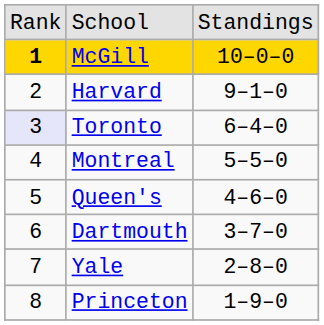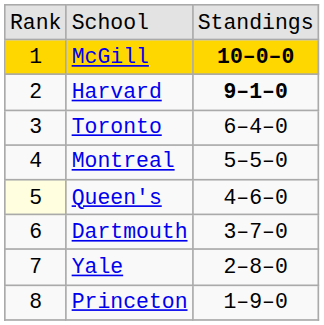 <table class="wikitable">
 <tr>
 <td style="background: #e3e3e3;">Rank</td>
 <td style="background: #e3e3e3;">School</td>
 <td style="background: #e3e3e3;">Standings</td>
 </tr>
 <tr bgcolor=gold>
-<td align=center><strong>1</strong></td>
+<td align=center>1</td>
 <td><a href='#'>McGill</a></td>
-<td align=center>10–0–0</td>
+<td align=center><strong>10–0–0</strong></td>
 </tr>
 <tr>
 <td align=center>2</td>
 <td><a href='#'>Harvard</a></td>
-<td align=center>9–1–0</td>
+<td align=center><strong>9–1–0</strong></td>
 </tr>
 <tr>
-<td align=center style="background: lavender;">3</td>
+<td align=center>3</td>
 <td><a href='#'>Toronto</a></td>
 <td align=center>6–4–0</td>
 </tr>
 <tr>
 <td align=center>4</td>
 <td><a href='#'>Montreal</a></td>
 <td align=center>5–5–0</td>
 </tr>
 <tr>
-<td align=center>5</td>
+<td align=center style="background: lightyellow;">5</td>
 <td><a href='#'>Queen's</a></td>
 <td align=center>4–6–0</td>
 </tr>
 <tr>
 <td align=center>6</td>
 <td><a href='#'>Dartmouth</a></td>
 <td align=center>3–7–0</td>
 </tr>
 <tr>
 <td align=center>7</td>
 <td><a href='#'>Yale</a></td>
 <td align=center>2–8–0</td>
 </tr>
 <tr>
 <td align=center>8</td>
 <td><a href='#'>Princeton</a></td>
 <td align=center>1–9–0</td>
 </tr>
 </table>
